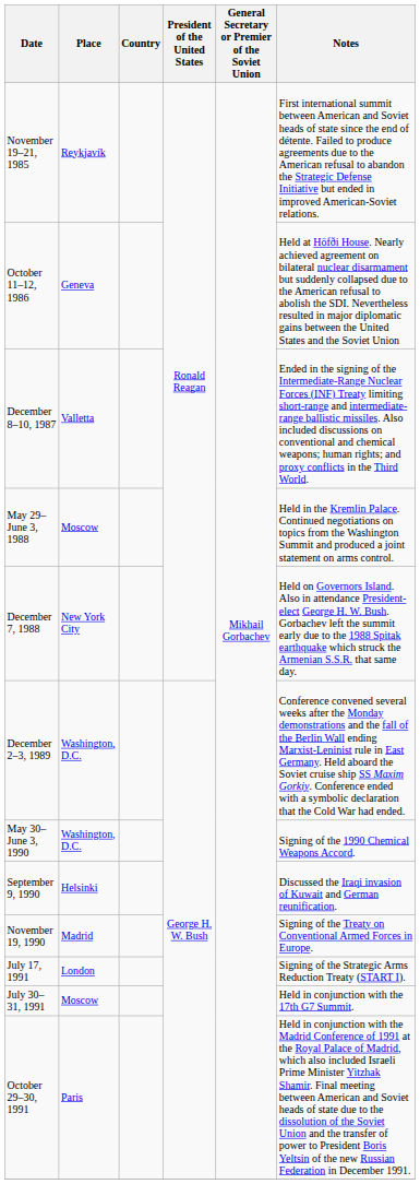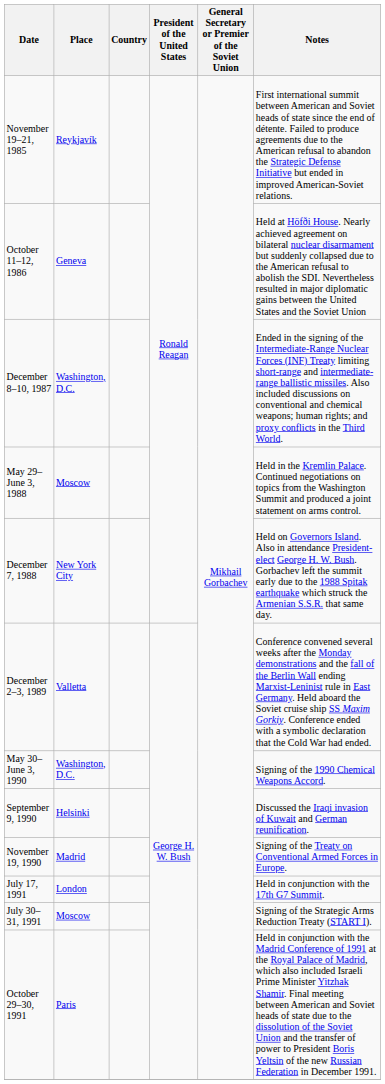 <table class="wikitable">
 <tr>
 <th>Date</th>
 <th>Place</th>
 <th>Country</th>
 <th>President of the United States</th>
 <th>General Secretary or Premier of the Soviet Union</th>
 <th>Notes</th>
 </tr>
 <tr>
 <td>November 19–21, 1985</td>
 <td><a href='#'>Reykjavík</a></td>
 <td></td>
 <td rowspan="5" align="center"><a href='#'>Ronald Reagan</a></td>
 <td rowspan="12" align="center"><a href='#'>Mikhail Gorbachev</a></td>
 <td><br>First international summit between American and Soviet heads of state since the end of détente. Failed to produce agreements due to the American refusal to abandon the <a href='#'>Strategic Defense Initiative</a> but ended in improved American-Soviet relations.</td>
 </tr>
 <tr>
 <td>October 11–12, 1986</td>
 <td><a href='#'>Geneva</a></td>
 <td></td>
 <td><br>Held at <a href='#'>Höfði House</a>. Nearly achieved agreement on bilateral <a href='#'>nuclear disarmament</a> but suddenly collapsed due to the American refusal to abolish the SDI. Nevertheless resulted in major diplomatic gains between the United States and the Soviet Union</td>
 </tr>
 <tr>
 <td>December 8–10, 1987</td>
-<td><a href='#'>Valletta</a></td>
+<td><a href='#'>Washington, D.C.</a></td>
 <td></td>
 <td><br>Ended in the signing of the <a href='#'>Intermediate-Range Nuclear Forces (INF) Treaty</a> limiting <a href='#'>short-range</a> and <a href='#'>intermediate-range ballistic missiles</a>. Also included discussions on conventional and chemical weapons; human rights; and <a href='#'>proxy conflicts</a> in the <a href='#'>Third World</a>.</td>
 </tr>
 <tr>
 <td>May 29–June 3, 1988</td>
 <td><a href='#'>Moscow</a></td>
 <td></td>
 <td><br>Held in the <a href='#'>Kremlin Palace</a>. Continued negotiations on topics from the Washington Summit and produced a joint statement on arms control.</td>
 </tr>
 <tr>
 <td>December 7, 1988</td>
 <td><a href='#'>New York City</a></td>
 <td></td>
 <td><br>Held on <a href='#'>Governors Island</a>. Also in attendance <a href='#'>President-elect</a> <a href='#'>George H. W. Bush</a>. Gorbachev left the summit early due to the <a href='#'>1988 Spitak earthquake</a> which struck the <a href='#'>Armenian S.S.R.</a> that same day.</td>
 </tr>
 <tr>
 <td>December 2–3, 1989</td>
-<td><a href='#'>Washington, D.C.</a></td>
+<td><a href='#'>Valletta</a></td>
 <td></td>
 <td rowspan="7" align="center"><a href='#'>George H. W. Bush</a></td>
 <td><br>Conference convened several weeks after the <a href='#'>Monday demonstrations</a> and the <a href='#'>fall of the Berlin Wall</a> ending <a href='#'>Marxist-Leninist</a> rule in <a href='#'>East Germany</a>. Held aboard the Soviet cruise ship <a href='#'>SS <em>Maxim Gorkiy</em></a>. Conference ended with a symbolic declaration that the Cold War had ended.</td>
 </tr>
 <tr>
 <td>May 30–June 3, 1990</td>
 <td><a href='#'>Washington, D.C.</a></td>
 <td></td>
 <td><br>Signing of the <a href='#'>1990 Chemical Weapons Accord</a>.</td>
 </tr>
 <tr>
 <td>September 9, 1990</td>
 <td><a href='#'>Helsinki</a></td>
 <td></td>
 <td><br>Discussed the <a href='#'>Iraqi invasion of Kuwait</a> and <a href='#'>German reunification</a>.</td>
 </tr>
 <tr>
 <td>November 19, 1990</td>
 <td><a href='#'>Madrid</a></td>
 <td>  </td>
 <td>Signing of the <a href='#'>Treaty on Conventional Armed Forces in Europe</a>.</td>
 </tr>
 <tr>
 <td>July 17, 1991</td>
 <td><a href='#'>London</a></td>
 <td></td>
-<td>Signing of the Strategic Arms Reduction Treaty (<a href='#'>START I</a>).</td>
+<td>Held in conjunction with the <a href='#'>17th G7 Summit</a>.</td>
 </tr>
 <tr>
 <td>July 30–31, 1991</td>
 <td><a href='#'>Moscow</a></td>
 <td></td>
-<td>Held in conjunction with the <a href='#'>17th G7 Summit</a>.</td>
+<td>Signing of the Strategic Arms Reduction Treaty (<a href='#'>START I</a>).</td>
 </tr>
 <tr>
 <td>October 29–30, 1991</td>
 <td><a href='#'>Paris</a></td>
 <td></td>
 <td>Held in conjunction with the <a href='#'>Madrid Conference of 1991</a> at the <a href='#'>Royal Palace of Madrid</a>, which also included Israeli Prime Minister <a href='#'>Yitzhak Shamir</a>. Final meeting between American and Soviet heads of state due to the <a href='#'>dissolution of the Soviet Union</a> and the transfer of power to President <a href='#'>Boris Yeltsin</a> of the new <a href='#'>Russian Federation</a> in December 1991.</td>
 </tr>
 <tr>
 </tr>
 </table>
